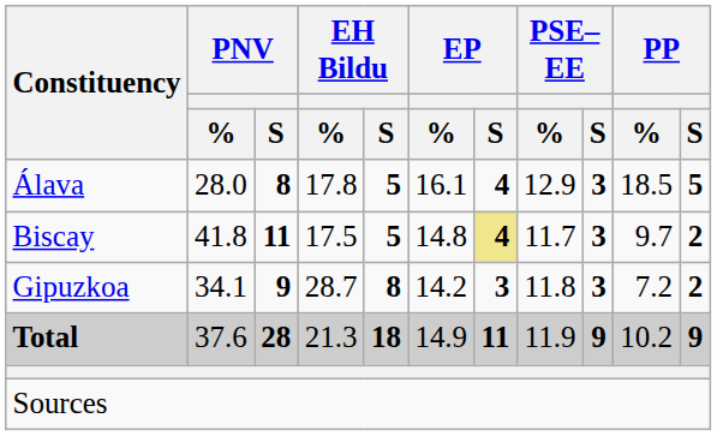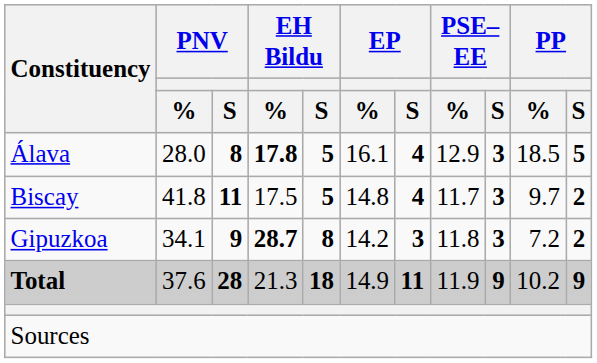 <table class="wikitable sortable" style="text-align:right; line-height:20px;">
 <tr>
 <th rowspan="3">Constituency</th>
 <th colspan="2" width="30px" class="unsortable"><a href='#'>PNV</a></th>
 <th colspan="2" width="30px" class="unsortable"><a href='#'>EH Bildu</a></th>
 <th colspan="2" width="30px" class="unsortable"><a href='#'>EP</a></th>
 <th colspan="2" width="30px" class="unsortable"><a href='#'>PSE–EE</a></th>
 <th colspan="2" width="30px" class="unsortable"><a href='#'>PP</a></th>
 </tr>
 <tr>
 <th colspan="2" style="background:"></th>
 <th colspan="2" style="background:"></th>
 <th colspan="2" style="background:"></th>
 <th colspan="2" style="background:"></th>
 <th colspan="2" style="background:"></th>
 </tr>
 <tr>
 <th data-sort-type="number">%</th>
 <th data-sort-type="number">S</th>
 <th data-sort-type="number">%</th>
 <th data-sort-type="number">S</th>
 <th data-sort-type="number">%</th>
 <th data-sort-type="number">S</th>
 <th data-sort-type="number">%</th>
 <th data-sort-type="number">S</th>
 <th data-sort-type="number">%</th>
 <th data-sort-type="number">S</th>
 </tr>
 <tr>
 <td align="left"><a href='#'>Álava</a></td>
 <td style="background:">28.0</td>
 <td><strong>8</strong></td>
-<td>17.8</td>
+<td><strong>17.8</strong></td>
 <td><strong>5</strong></td>
 <td>16.1</td>
 <td><strong>4</strong></td>
 <td>12.9</td>
 <td><strong>3</strong></td>
 <td>18.5</td>
 <td><strong>5</strong></td>
 </tr>
 <tr>
 <td align="left"><a href='#'>Biscay</a></td>
 <td style="background:">41.8</td>
 <td><strong>11</strong></td>
 <td>17.5</td>
 <td><strong>5</strong></td>
 <td>14.8</td>
-<td style="background: khaki;"><strong>4</strong></td>
+<td><strong>4</strong></td>
 <td>11.7</td>
 <td><strong>3</strong></td>
 <td>9.7</td>
 <td><strong>2</strong></td>
 </tr>
 <tr>
 <td align="left"><a href='#'>Gipuzkoa</a></td>
 <td style="background:">34.1</td>
 <td><strong>9</strong></td>
-<td>28.7</td>
+<td><strong>28.7</strong></td>
 <td><strong>8</strong></td>
 <td>14.2</td>
 <td><strong>3</strong></td>
 <td>11.8</td>
 <td><strong>3</strong></td>
 <td>7.2</td>
 <td><strong>2</strong></td>
 </tr>
 <tr style="background:#CDCDCD;">
 <td align="left"><strong>Total</strong></td>
 <td style="background:">37.6</td>
 <td><strong>28</strong></td>
 <td>21.3</td>
 <td><strong>18</strong></td>
 <td>14.9</td>
 <td><strong>11</strong></td>
 <td>11.9</td>
 <td><strong>9</strong></td>
 <td>10.2</td>
 <td><strong>9</strong></td>
 </tr>
 <tr>
 <th colspan="11"></th>
 </tr>
 <tr>
 <th style="text-align:left; font-weight:normal; background:#F9F9F9" colspan="11">Sources</th>
 </tr>
 </table>
